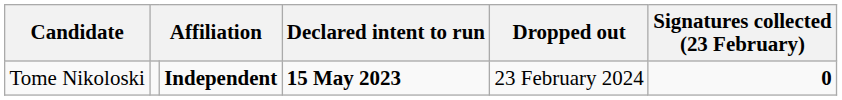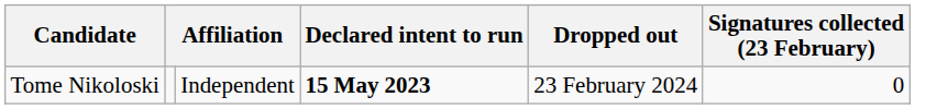 <table class="wikitable">
 <tr>
 <th>Candidate</th>
 <th colspan=2>Affiliation</th>
 <th>Declared intent to run</th>
 <th>Dropped out</th>
 <th>Signatures collected<br>(23 February)</th>
 </tr>
 <tr>
 <td>Tome Nikoloski</td>
 <td bgcolor=></td>
-<td><strong>Independent</strong></td>
+<td>Independent</td>
 <td><strong>15 May 2023</strong></td>
 <td>23 February 2024</td>
-<td align="right"><strong>0</strong></td>
+<td align="right">0</td>
 </tr>
 </table>
